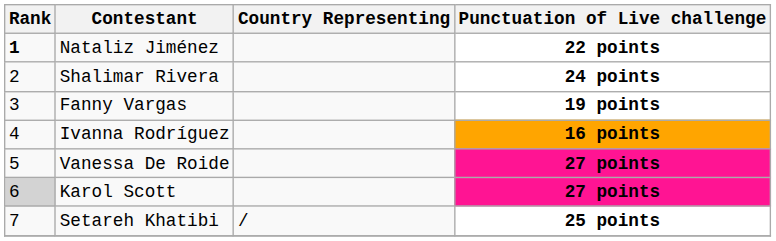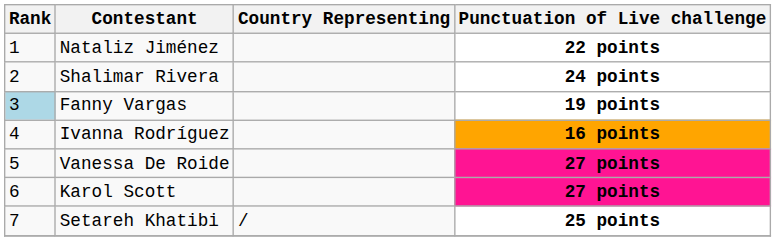 <table class="wikitable">
 <tr>
 <th>Rank</th>
 <th>Contestant</th>
 <th>Country Representing</th>
 <th>Punctuation of Live challenge</th>
 </tr>
 <tr>
-<td><strong>1</strong></td>
+<td>1</td>
 <td>Nataliz Jiménez</td>
 <td><strong></strong></td>
 <td style="background:white; text-align:Center;"><strong>22 points</strong></td>
 </tr>
 <tr>
 <td>2</td>
 <td>Shalimar Rivera</td>
 <td><strong></strong></td>
 <td style="background:white; text-align:Center;"><strong>24 points</strong></td>
 </tr>
 <tr>
-<td>3</td>
+<td style="background: lightblue;">3</td>
 <td>Fanny Vargas</td>
 <td><strong></strong></td>
 <td style="background:white; text-align:Center;"><strong>19 points</strong></td>
 </tr>
 <tr>
 <td>4</td>
 <td>Ivanna Rodríguez</td>
 <td><strong></strong></td>
 <td style="background:orange; text-align:Center;"><strong>16 points</strong></td>
 </tr>
 <tr>
 <td>5</td>
 <td>Vanessa De Roide</td>
 <td><strong></strong></td>
 <td style="background:deeppink; text-align:Center;"><strong>27 points</strong></td>
 </tr>
 <tr>
-<td style="background: lightgrey;">6</td>
+<td>6</td>
 <td>Karol Scott</td>
 <td><strong></strong></td>
 <td style="background:deeppink; text-align:Center;"><strong>27 points</strong></td>
 </tr>
 <tr>
 <td>7</td>
 <td>Setareh Khatibi</td>
 <td><strong></strong>/<strong></strong></td>
 <td style="background:white; text-align:Center;"><strong>25 points</strong></td>
 </tr>
 <tr>
 </tr>
 </table>
